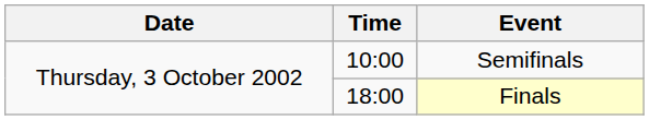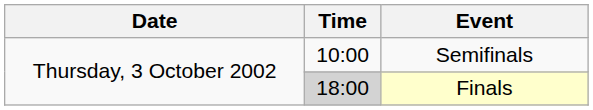 <table class = "wikitable" style="text-align:center;">
 <tr>
 <th width=220>Date</th>
 <th width=50>Time</th>
 <th width=150>Event</th>
 </tr>
 <tr>
 <td rowspan=2>Thursday, 3 October 2002</td>
 <td>10:00</td>
 <td>Semifinals</td>
 </tr>
 <tr>
-<td>18:00</td>
+<td style="background: lightgrey;">18:00</td>
 <td bgcolor=ffffcc>Finals</td>
 </tr>
 </table>
